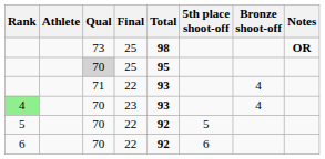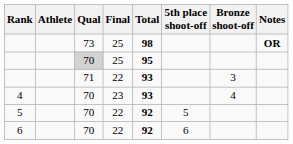 <table class="wikitable sortable" style="text-align: center">
 <tr>
 <th>Rank</th>
 <th>Athlete</th>
 <th>Qual</th>
 <th>Final</th>
 <th>Total</th>
 <th>5th place<br>shoot-off</th>
 <th>Bronze<br>shoot-off</th>
 <th>Notes</th>
 </tr>
 <tr>
 <td></td>
 <td align=left></td>
 <td>73</td>
 <td>25</td>
 <td><strong>98</strong></td>
 <td></td>
 <td></td>
 <td><strong>OR</strong></td>
 </tr>
 <tr>
 <td></td>
 <td align=left></td>
 <td style="background: lightgrey;">70</td>
 <td>25</td>
 <td><strong>95</strong></td>
 <td></td>
 <td></td>
 <td></td>
 </tr>
 <tr>
 <td></td>
 <td align=left></td>
 <td>71</td>
 <td>22</td>
 <td><strong>93</strong></td>
 <td></td>
-<td>4</td>
+<td>3</td>
 <td></td>
 </tr>
 <tr>
-<td style="background: lightgreen;">4</td>
+<td>4</td>
 <td align=left></td>
 <td>70</td>
 <td>23</td>
 <td><strong>93</strong></td>
 <td></td>
 <td>4</td>
 <td></td>
 </tr>
 <tr>
 <td>5</td>
 <td align=left></td>
 <td>70</td>
 <td>22</td>
 <td><strong>92</strong></td>
 <td>5</td>
 <td></td>
 <td></td>
 </tr>
 <tr>
 <td>6</td>
 <td align=left></td>
 <td>70</td>
 <td>22</td>
 <td><strong>92</strong></td>
 <td>6</td>
 <td></td>
 <td></td>
 </tr>
 </table>
